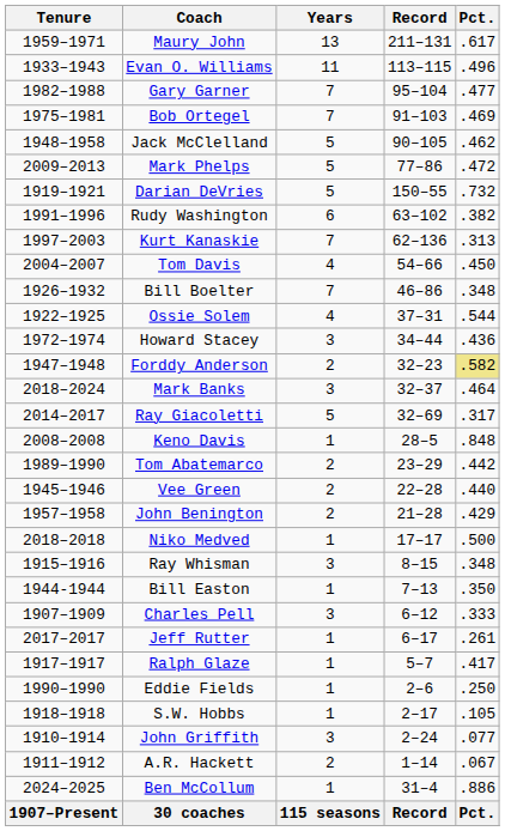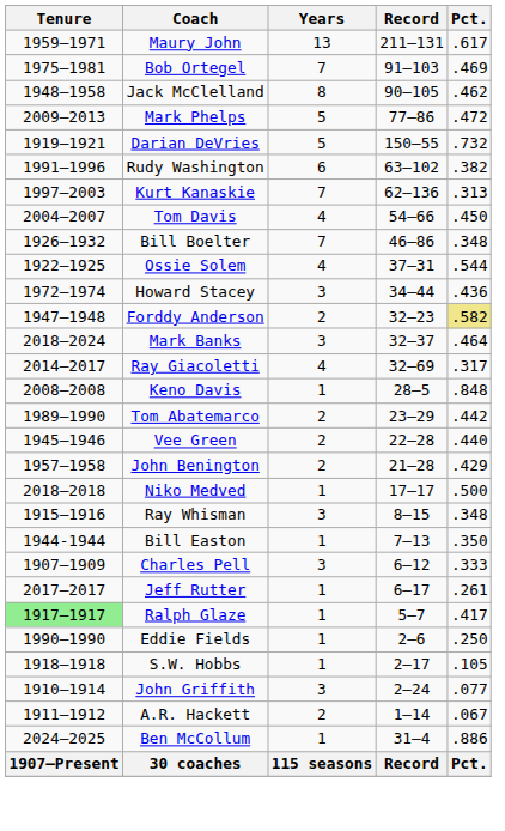 <table class="wikitable sortable" style="text-align:center">
 <tr>
 <th>Tenure</th>
 <th>Coach</th>
 <th>Years</th>
 <th>Record</th>
 <th>Pct.</th>
 </tr>
 <tr>
 <td>1959–1971</td>
 <td><a href='#'>Maury John</a></td>
 <td>13</td>
 <td>211–131</td>
 <td>.617</td>
 </tr>
 <tr>
-<td>1933–1943</td>
-<td><a href='#'>Evan O. Williams</a></td>
-<td>11</td>
-<td>113–115</td>
-<td>.496</td>
-</tr>
-<tr>
-<td>1982–1988</td>
-<td><a href='#'>Gary Garner</a></td>
-<td>7</td>
-<td>95–104</td>
-<td>.477</td>
-</tr>
-<tr>
 <td>1975–1981</td>
 <td><a href='#'>Bob Ortegel</a></td>
 <td>7</td>
 <td>91–103</td>
 <td>.469</td>
 </tr>
 <tr>
 <td>1948–1958</td>
 <td>Jack McClelland</td>
-<td>5</td>
+<td>8</td>
 <td>90–105</td>
 <td>.462</td>
 </tr>
 <tr>
 <td>2009–2013</td>
 <td><a href='#'>Mark Phelps</a></td>
 <td>5</td>
 <td>77–86</td>
 <td>.472</td>
 </tr>
 <tr>
 <td>1919–1921</td>
 <td><a href='#'>Darian DeVries</a></td>
 <td>5</td>
 <td>150–55</td>
 <td>.732</td>
 </tr>
 <tr>
 <td>1991–1996</td>
 <td>Rudy Washington</td>
 <td>6</td>
 <td>63–102</td>
 <td>.382</td>
 </tr>
 <tr>
 <td>1997–2003</td>
 <td><a href='#'>Kurt Kanaskie</a></td>
 <td>7</td>
 <td>62–136</td>
 <td>.313</td>
 </tr>
 <tr>
 <td>2004–2007</td>
 <td><a href='#'>Tom Davis</a></td>
 <td>4</td>
 <td>54–66</td>
 <td>.450</td>
 </tr>
 <tr>
 <td>1926–1932</td>
 <td>Bill Boelter</td>
 <td>7</td>
 <td>46–86</td>
 <td>.348</td>
 </tr>
 <tr>
 <td>1922–1925</td>
 <td><a href='#'>Ossie Solem</a></td>
 <td>4</td>
 <td>37–31</td>
 <td>.544</td>
 </tr>
 <tr>
 <td>1972–1974</td>
 <td>Howard Stacey</td>
 <td>3</td>
 <td>34–44</td>
 <td>.436</td>
 </tr>
 <tr>
 <td>1947–1948</td>
 <td><a href='#'>Forddy Anderson</a></td>
 <td>2</td>
 <td>32–23</td>
 <td style="background: khaki;">.582</td>
 </tr>
 <tr>
 <td>2018–2024</td>
 <td><a href='#'>Mark Banks</a></td>
 <td>3</td>
 <td>32–37</td>
 <td>.464</td>
 </tr>
 <tr>
 <td>2014–2017</td>
 <td><a href='#'>Ray Giacoletti</a></td>
-<td>5</td>
+<td>4</td>
 <td>32–69</td>
 <td>.317</td>
 </tr>
 <tr>
 <td>2008–2008</td>
 <td><a href='#'>Keno Davis</a></td>
 <td>1</td>
 <td>28–5</td>
 <td>.848</td>
 </tr>
 <tr>
 <td>1989–1990</td>
 <td><a href='#'>Tom Abatemarco</a></td>
 <td>2</td>
 <td>23–29</td>
 <td>.442</td>
 </tr>
 <tr>
 <td>1945–1946</td>
 <td><a href='#'>Vee Green</a></td>
 <td>2</td>
 <td>22–28</td>
 <td>.440</td>
 </tr>
 <tr>
 <td>1957–1958</td>
 <td><a href='#'>John Benington</a></td>
 <td>2</td>
 <td>21–28</td>
 <td>.429</td>
 </tr>
 <tr>
 <td>2018–2018</td>
 <td><a href='#'>Niko Medved</a></td>
 <td>1</td>
 <td>17–17</td>
 <td>.500</td>
 </tr>
 <tr>
 <td>1915–1916</td>
 <td>Ray Whisman</td>
 <td>3</td>
 <td>8–15</td>
 <td>.348</td>
 </tr>
 <tr>
 <td>1944-1944</td>
 <td>Bill Easton</td>
 <td>1</td>
 <td>7–13</td>
 <td>.350</td>
 </tr>
 <tr>
 <td>1907–1909</td>
 <td><a href='#'>Charles Pell</a></td>
 <td>3</td>
 <td>6–12</td>
 <td>.333</td>
 </tr>
 <tr>
 <td>2017–2017</td>
 <td><a href='#'>Jeff Rutter</a></td>
 <td>1</td>
 <td>6–17</td>
 <td>.261</td>
 </tr>
 <tr>
-<td>1917–1917</td>
+<td style="background: lightgreen;">1917–1917</td>
 <td><a href='#'>Ralph Glaze</a></td>
 <td>1</td>
 <td>5–7</td>
 <td>.417</td>
 </tr>
 <tr>
 <td>1990–1990</td>
 <td>Eddie Fields</td>
 <td>1</td>
 <td>2–6</td>
 <td>.250</td>
 </tr>
 <tr>
 <td>1918–1918</td>
 <td>S.W. Hobbs</td>
 <td>1</td>
 <td>2–17</td>
 <td>.105</td>
 </tr>
 <tr>
 <td>1910–1914</td>
 <td><a href='#'>John Griffith</a></td>
 <td>3</td>
 <td>2–24</td>
 <td>.077</td>
 </tr>
 <tr>
 <td>1911–1912</td>
 <td>A.R. Hackett</td>
 <td>2</td>
 <td>1–14</td>
 <td>.067</td>
 </tr>
 <tr>
 <td>2024–2025</td>
 <td><a href='#'>Ben McCollum</a></td>
 <td>1</td>
 <td>31–4</td>
 <td>.886</td>
 </tr>
 <tr>
 <th>1907–Present</th>
 <th>30 coaches</th>
 <th>115 seasons</th>
 <th>Record</th>
 <th>Pct.</th>
 </tr>
 <tr>
 </tr>
 </table>
